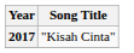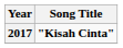 <table class="wikitable">
 <tr>
 <th>Year</th>
 <th>Song Title</th>
 </tr>
 <tr>
 <th>2017</th>
-<td>"Kisah Cinta"</td>
+<td><strong>"Kisah Cinta"</strong></td>
 </tr>
 <tr>
 </tr>
 </table>
